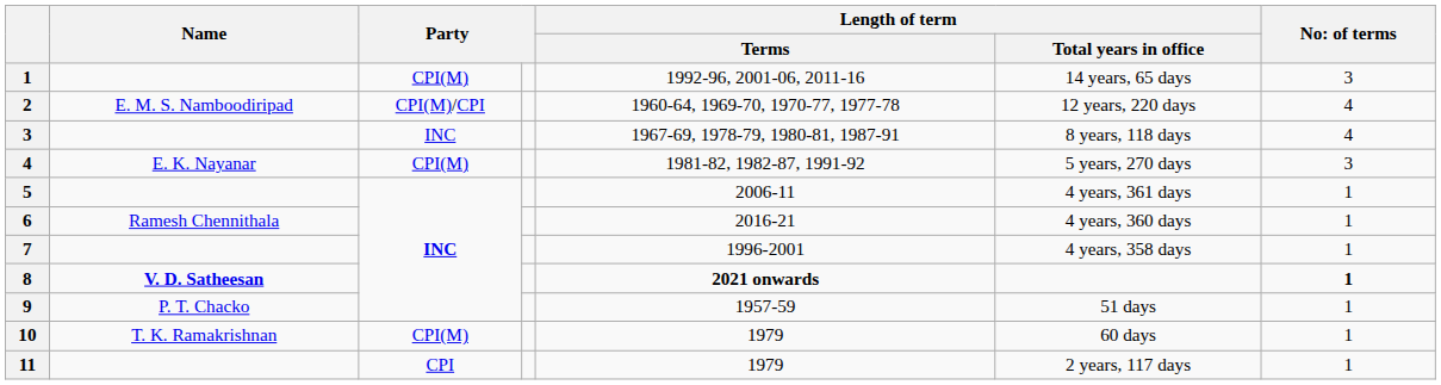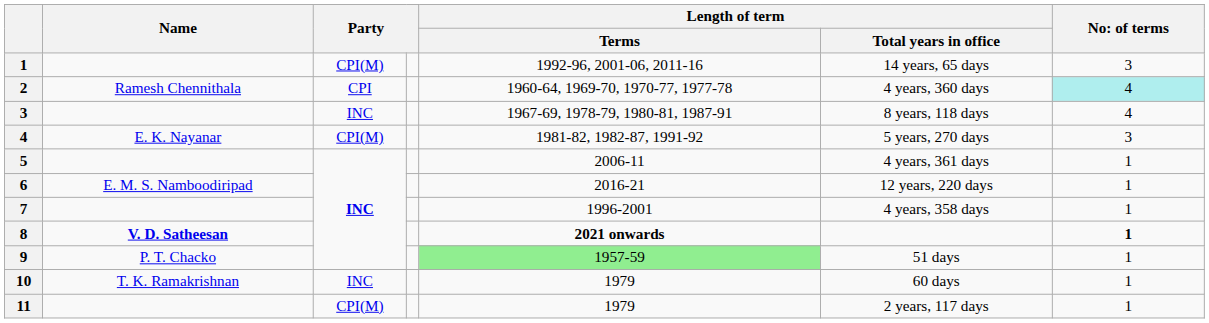 <table class="wikitable sortable" style="width:100%; text-align:center">
 <tr>
 <th rowspan="2" data-sort-type="number"></th>
 <th rowspan="2">Name</th>
 <th colspan="2" rowspan="2">Party</th>
 <th colspan="2">Length of term</th>
 <th rowspan="2">No: of terms</th>
 </tr>
 <tr>
 <th>Terms</th>
 <th>Total years in office</th>
 </tr>
 <tr>
 <th data-sort-value="1">1</th>
 <td></td>
 <td><a href='#'>CPI(M)</a></td>
 <td style="background-color: "></td>
 <td>1992-96, 2001-06, 2011-16</td>
 <td>14 years, 65 days</td>
 <td>3</td>
 </tr>
 <tr>
 <th>2</th>
-<td><a href='#'>E. M. S. Namboodiripad</a></td>
-<td><a href='#'>CPI(M)</a>/<a href='#'>CPI</a></td>
+<td><a href='#'>Ramesh Chennithala</a></td>
+<td><a href='#'>CPI</a></td>
 <td style="background-color: "></td>
 <td>1960-64, 1969-70, 1970-77, 1977-78</td>
-<td>12 years, 220 days</td>
-<td>4</td>
+<td>4 years, 360 days</td>
+<td style="background: paleturquoise;">4</td>
 </tr>
 <tr>
 <th data-sort-value="2">3</th>
 <td></td>
 <td><a href='#'>INC</a></td>
 <td style="background-color: "></td>
 <td>1967-69, 1978-79, 1980-81, 1987-91</td>
 <td>8 years, 118 days</td>
 <td>4</td>
 </tr>
 <tr>
 <th>4</th>
 <td><a href='#'>E. K. Nayanar</a></td>
 <td><a href='#'>CPI(M)</a></td>
 <td style="background-color: "></td>
 <td>1981-82, 1982-87, 1991-92</td>
 <td>5 years, 270 days</td>
 <td>3</td>
 </tr>
 <tr>
 <th data-sort-value="4">5</th>
 <td></td>
 <td rowspan="5"><a href='#'><strong>INC</strong></a></td>
 <td style="background-color: "></td>
 <td>2006-11</td>
 <td>4 years, 361 days</td>
 <td>1</td>
 </tr>
 <tr>
 <th>6</th>
-<td><a href='#'>Ramesh Chennithala</a></td>
+<td><a href='#'>E. M. S. Namboodiripad</a></td>
 <td style="background-color: "></td>
 <td>2016-21</td>
-<td>4 years, 360 days</td>
+<td>12 years, 220 days</td>
 <td>1</td>
 </tr>
 <tr>
 <th>7</th>
 <td></td>
 <td style="background-color: "></td>
 <td>1996-2001</td>
 <td>4 years, 358 days</td>
 <td>1</td>
 </tr>
 <tr>
 <th>8</th>
 <td><strong><a href='#'>V. D. Satheesan</a></strong></td>
 <td style="background-color: "></td>
 <td><strong>2021 onwards</strong></td>
 <td><strong></strong></td>
 <td><strong>1</strong></td>
 </tr>
 <tr>
 <th>9</th>
 <td><a href='#'>P. T. Chacko</a></td>
 <td style="background-color: "></td>
-<td>1957-59</td>
+<td style="background: lightgreen;">1957-59</td>
 <td>51 days</td>
 <td>1</td>
 </tr>
 <tr>
 <th data-sort-value="8">10</th>
 <td><a href='#'>T. K. Ramakrishnan</a></td>
-<td><a href='#'>CPI(M)</a></td>
+<td><a href='#'>INC</a></td>
 <td style="background-color: "></td>
 <td>1979</td>
 <td>60 days</td>
 <td>1</td>
 </tr>
 <tr>
 <th data-sort-value="11">11</th>
 <td></td>
-<td><a href='#'>CPI</a></td>
+<td><a href='#'>CPI(M)</a></td>
 <td style="background-color: "></td>
 <td>1979</td>
 <td>2 years, 117 days</td>
 <td>1</td>
 </tr>
 </table>
